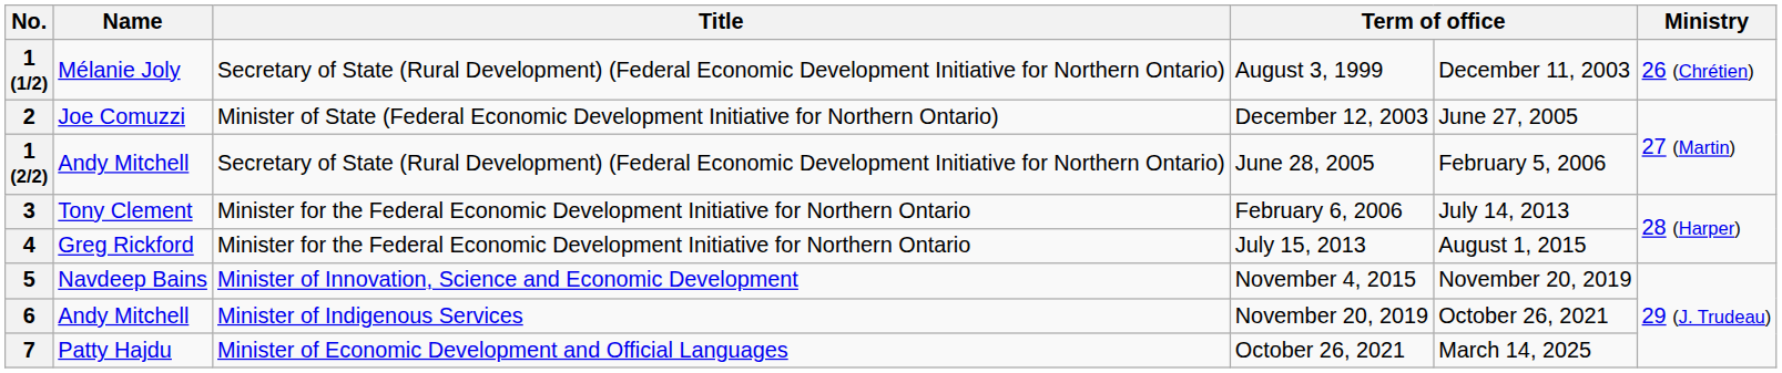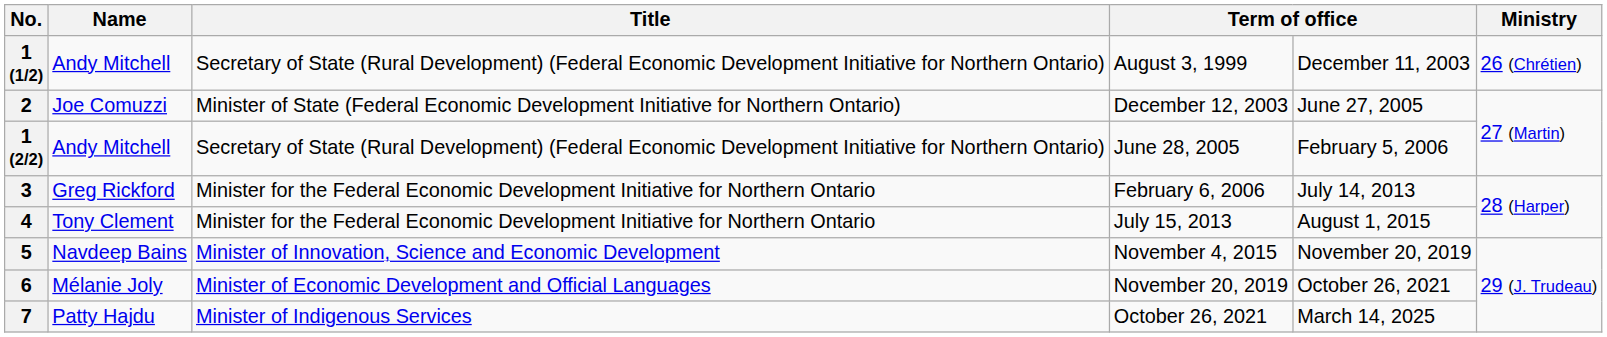 <table class="wikitable">
 <tr>
 <th>No.</th>
 <th>Name</th>
 <th>Title</th>
 <th colspan=2>Term of office</th>
 <th>Ministry</th>
 </tr>
 <tr>
 <th style="background:">1<br><small>(1/2)</small></th>
-<td><a href='#'>Mélanie Joly</a></td>
+<td><a href='#'>Andy Mitchell</a></td>
 <td>Secretary of State (Rural Development) (Federal Economic Development Initiative for Northern Ontario)</td>
 <td>August 3, 1999</td>
 <td>December 11, 2003</td>
 <td><a href='#'>26</a> <small>(<a href='#'>Chrétien</a>)</small></td>
 </tr>
 <tr>
 <th style="background:">2</th>
 <td><a href='#'>Joe Comuzzi</a></td>
 <td>Minister of State (Federal Economic Development Initiative for Northern Ontario)</td>
 <td>December 12, 2003</td>
 <td>June 27, 2005</td>
 <td rowspan="2"><a href='#'>27</a> <small>(<a href='#'>Martin</a>)</small></td>
 </tr>
 <tr>
 <th style="background:">1<br><small>(2/2)</small></th>
 <td><a href='#'>Andy Mitchell</a></td>
 <td>Secretary of State (Rural Development) (Federal Economic Development Initiative for Northern Ontario)</td>
 <td>June 28, 2005</td>
 <td>February 5, 2006</td>
 </tr>
 <tr>
 <th style="background:">3</th>
-<td><a href='#'>Tony Clement</a></td>
+<td><a href='#'>Greg Rickford</a></td>
 <td>Minister for the Federal Economic Development Initiative for Northern Ontario</td>
 <td>February 6, 2006</td>
 <td>July 14, 2013</td>
 <td rowspan="2"><a href='#'>28</a> <small>(<a href='#'>Harper</a>)</small></td>
 </tr>
 <tr>
 <th style="background:">4</th>
-<td><a href='#'>Greg Rickford</a></td>
+<td><a href='#'>Tony Clement</a></td>
 <td>Minister for the Federal Economic Development Initiative for Northern Ontario</td>
 <td>July 15, 2013</td>
 <td>August 1, 2015</td>
 </tr>
 <tr>
 <th style="background:">5</th>
 <td><a href='#'>Navdeep Bains</a></td>
 <td><a href='#'>Minister of Innovation, Science and Economic Development</a></td>
 <td>November 4, 2015</td>
 <td>November 20, 2019</td>
 <td rowspan="3"><a href='#'>29</a> <small>(<a href='#'>J. Trudeau</a>)</small></td>
 </tr>
 <tr>
 <th style="background:">6</th>
-<td><a href='#'>Andy Mitchell</a></td>
-<td><a href='#'>Minister of Indigenous Services</a></td>
+<td><a href='#'>Mélanie Joly</a></td>
+<td><a href='#'>Minister of Economic Development and Official Languages</a></td>
 <td>November 20, 2019</td>
 <td>October 26, 2021</td>
 </tr>
 <tr>
 <th style="background:">7</th>
 <td><a href='#'>Patty Hajdu</a></td>
-<td><a href='#'>Minister of Economic Development and Official Languages</a></td>
+<td><a href='#'>Minister of Indigenous Services</a></td>
 <td>October 26, 2021</td>
 <td>March 14, 2025</td>
 </tr>
 </table>
